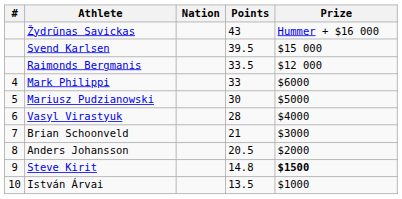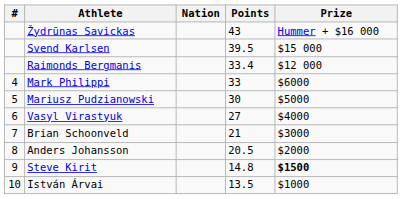 <table class="wikitable" style="display: inline-table;width: 55%;">
 <tr>
 <th scope="col">#</th>
 <th scope="col">Athlete</th>
 <th scope="col">Nation</th>
 <th scope="col">Points</th>
 <th scope="col">Prize</th>
 </tr>
 <tr>
 <td align="center"></td>
 <td><a href='#'>Žydrūnas Savickas</a></td>
 <td></td>
 <td>43</td>
 <td><a href='#'>Hummer</a> + $16 000</td>
 </tr>
 <tr>
 <td align="center"></td>
 <td><a href='#'>Svend Karlsen</a></td>
 <td></td>
 <td>39.5</td>
 <td>$15 000</td>
 </tr>
 <tr>
 <td align="center"></td>
 <td><a href='#'>Raimonds Bergmanis</a></td>
 <td></td>
-<td>33.5</td>
+<td>33.4</td>
 <td>$12 000</td>
 </tr>
 <tr>
 <td align="center">4</td>
 <td><a href='#'>Mark Philippi</a></td>
 <td></td>
 <td>33</td>
 <td>$6000</td>
 </tr>
 <tr>
 <td align="center">5</td>
 <td><a href='#'>Mariusz Pudzianowski</a></td>
 <td></td>
 <td>30</td>
 <td>$5000</td>
 </tr>
 <tr>
 <td align="center">6</td>
 <td><a href='#'>Vasyl Virastyuk</a></td>
 <td></td>
-<td>28</td>
+<td>27</td>
 <td>$4000</td>
 </tr>
 <tr>
 <td align="center">7</td>
 <td>Brian Schoonveld</td>
 <td></td>
 <td>21</td>
 <td>$3000</td>
 </tr>
 <tr>
 <td align="center">8</td>
 <td>Anders Johansson</td>
 <td></td>
 <td>20.5</td>
 <td>$2000</td>
 </tr>
 <tr>
 <td align="center">9</td>
 <td><a href='#'>Steve Kirit</a></td>
 <td></td>
 <td>14.8</td>
 <td><strong>$1500</strong></td>
 </tr>
 <tr>
 <td align="center">10</td>
 <td>István Árvai</td>
 <td></td>
 <td>13.5</td>
 <td>$1000</td>
 </tr>
 </table>
